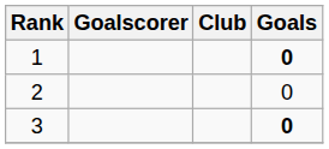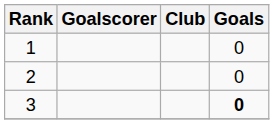 <table class="wikitable" style="font-size: 95%;">
 <tr bgcolor="#CCCCCC" align="center">
 <th scope="col">Rank</th>
 <th scope="col">Goalscorer</th>
 <th scope="col">Club</th>
 <th scope="col">Goals</th>
 </tr>
 <tr>
 <td align="center">1</td>
 <td></td>
 <td></td>
-<td align="center"><strong>0</strong></td>
+<td align="center">0</td>
 </tr>
 <tr>
 <td align="center">2</td>
 <td></td>
 <td></td>
 <td align="center">0</td>
 </tr>
 <tr>
 <td align="center">3</td>
 <td></td>
 <td></td>
 <td align="center"><strong>0</strong></td>
 </tr>
 <tr>
 </tr>
 </table>
